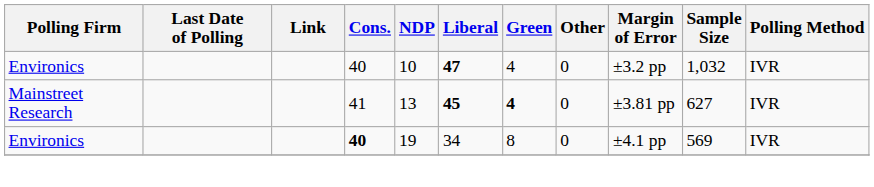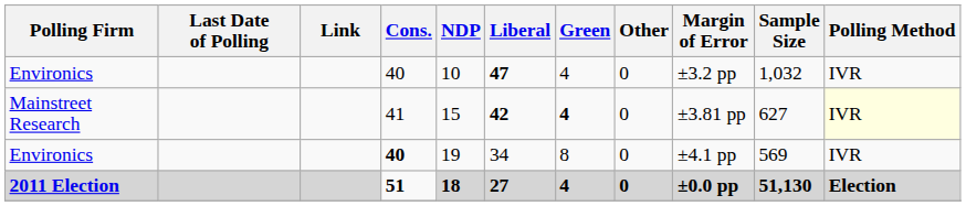 <table class="wikitable sortable">
 <tr style="background:#e9e9e9;">
 <th style="width:120px">Polling Firm</th>
 <th style="width:110px">Last Date<br>of Polling</th>
 <th style="width:60px" class="unsortable">Link</th>
 <th style="background-color:"><strong><a href='#'>Cons.</a></strong></th>
 <th style="background-color:"><strong><a href='#'>NDP</a></strong></th>
 <th style="background-color:"><strong><a href='#'>Liberal</a></strong></th>
 <th style="background-color:"><strong><a href='#'>Green</a></strong></th>
 <th style="background-color:"><strong>Other</strong></th>
 <th style="width:60px;" class=unsortable>Margin<br>of Error</th>
 <th style="width:50px;" class=unsortable>Sample<br>Size</th>
 <th class=unsortable>Polling Method</th>
 </tr>
 <tr>
 <td><a href='#'>Environics</a></td>
 <td></td>
 <td></td>
 <td>40</td>
 <td>10</td>
 <td><strong>47</strong></td>
 <td>4</td>
 <td>0</td>
 <td>±3.2 pp</td>
 <td>1,032</td>
 <td>IVR</td>
 </tr>
 <tr>
 <td><a href='#'>Mainstreet Research</a></td>
 <td></td>
 <td></td>
 <td>41</td>
-<td>13</td>
-<td><strong>45</strong></td>
+<td>15</td>
+<td><strong>42</strong></td>
 <td><strong>4</strong></td>
 <td>0</td>
 <td>±3.81 pp</td>
 <td>627</td>
-<td>IVR</td>
+<td style="background: lightyellow;">IVR</td>
 </tr>
 <tr>
 <td><a href='#'>Environics</a></td>
 <td></td>
 <td></td>
 <td><strong>40</strong></td>
 <td>19</td>
 <td>34</td>
 <td>8</td>
 <td>0</td>
 <td>±4.1 pp</td>
 <td>569</td>
 <td>IVR</td>
 </tr>
 <tr>
+<td style="background:#D5D5D5"><strong><a href='#'>2011 Election</a></strong></td>
+<td style="background:#D5D5D5"><strong></strong></td>
+<td style="background:#D5D5D5"></td>
+<td><strong>51</strong></td>
+<td style="background:#D5D5D5"><strong>18</strong></td>
+<td style="background:#D5D5D5"><strong>27</strong></td>
+<td style="background:#D5D5D5"><strong>4</strong></td>
+<td style="background:#D5D5D5"><strong>0</strong></td>
+<td style="background:#D5D5D5"><strong>±0.0 pp</strong></td>
+<td style="background:#D5D5D5"><strong>51,130</strong></td>
+<td style="background:#D5D5D5"><strong>Election</strong></td>
+</tr>
+<tr>
 </tr>
 <tr>
 </tr>
 </table>
